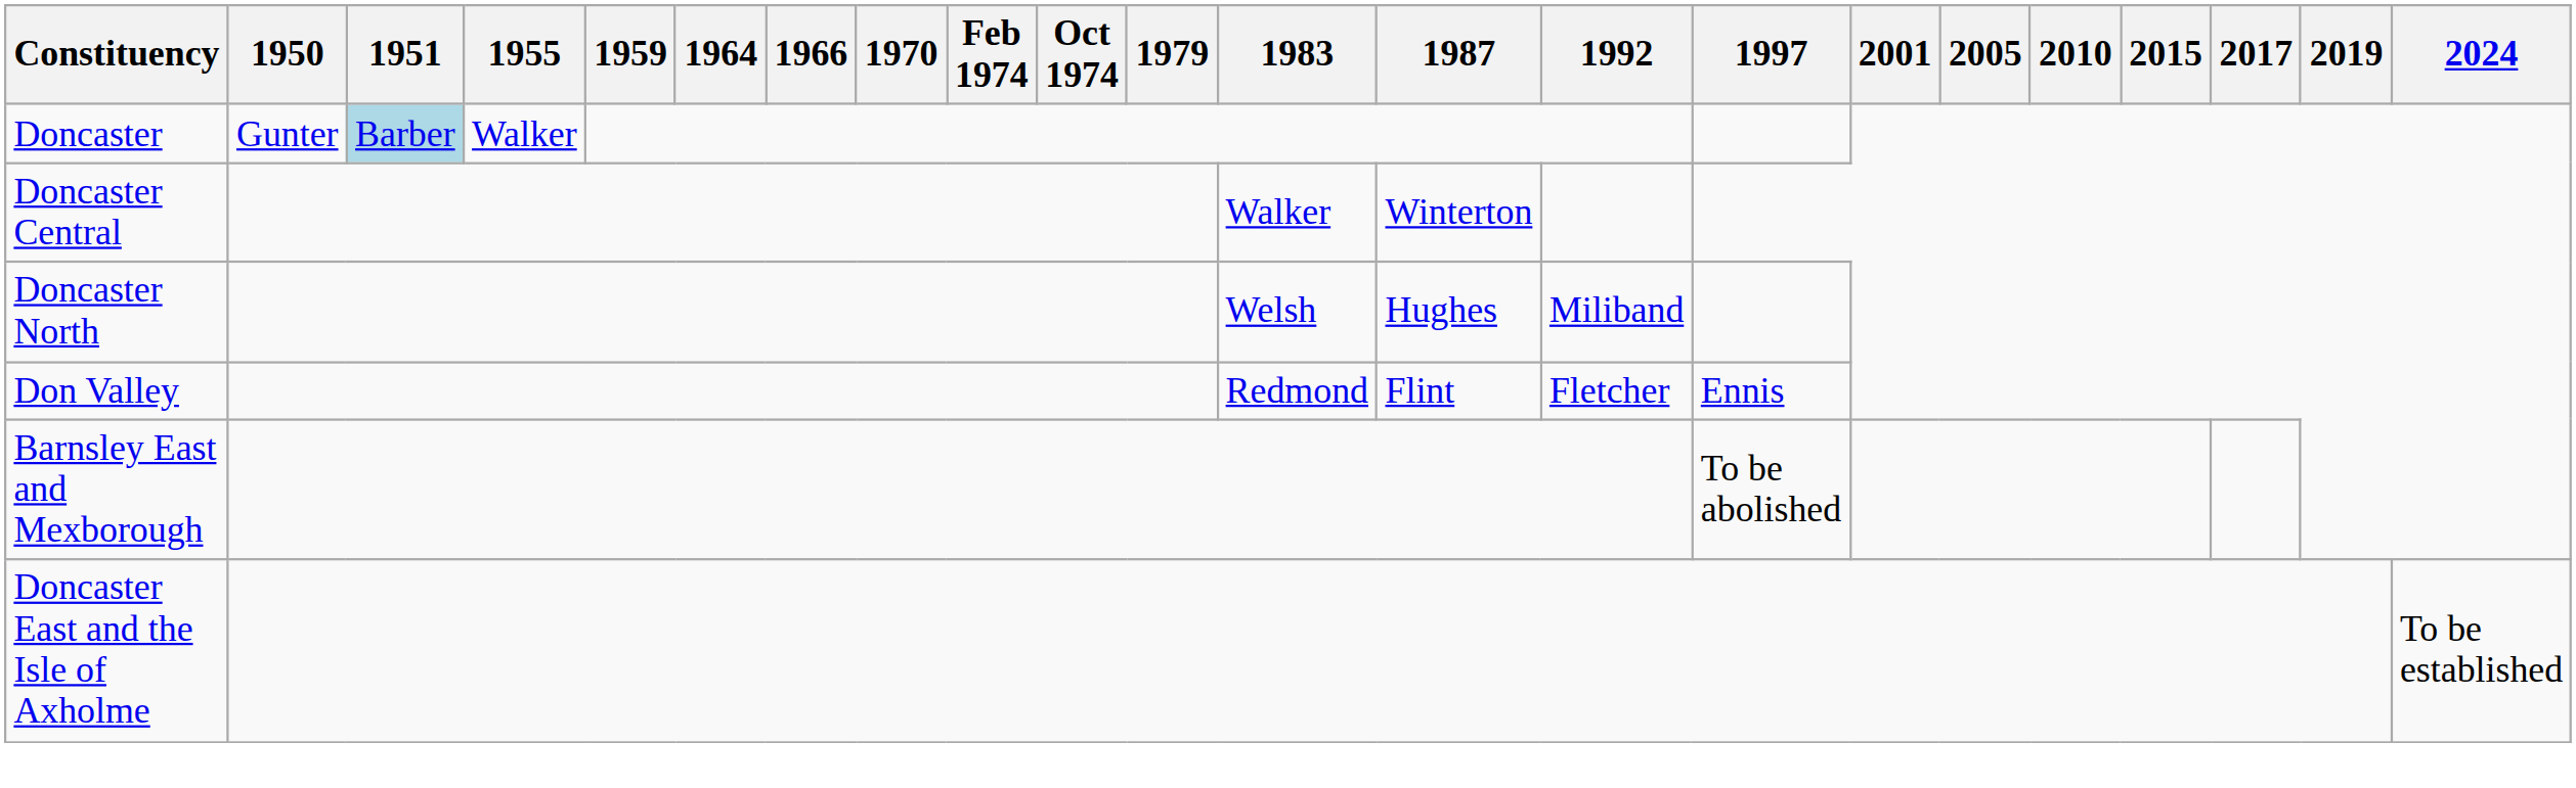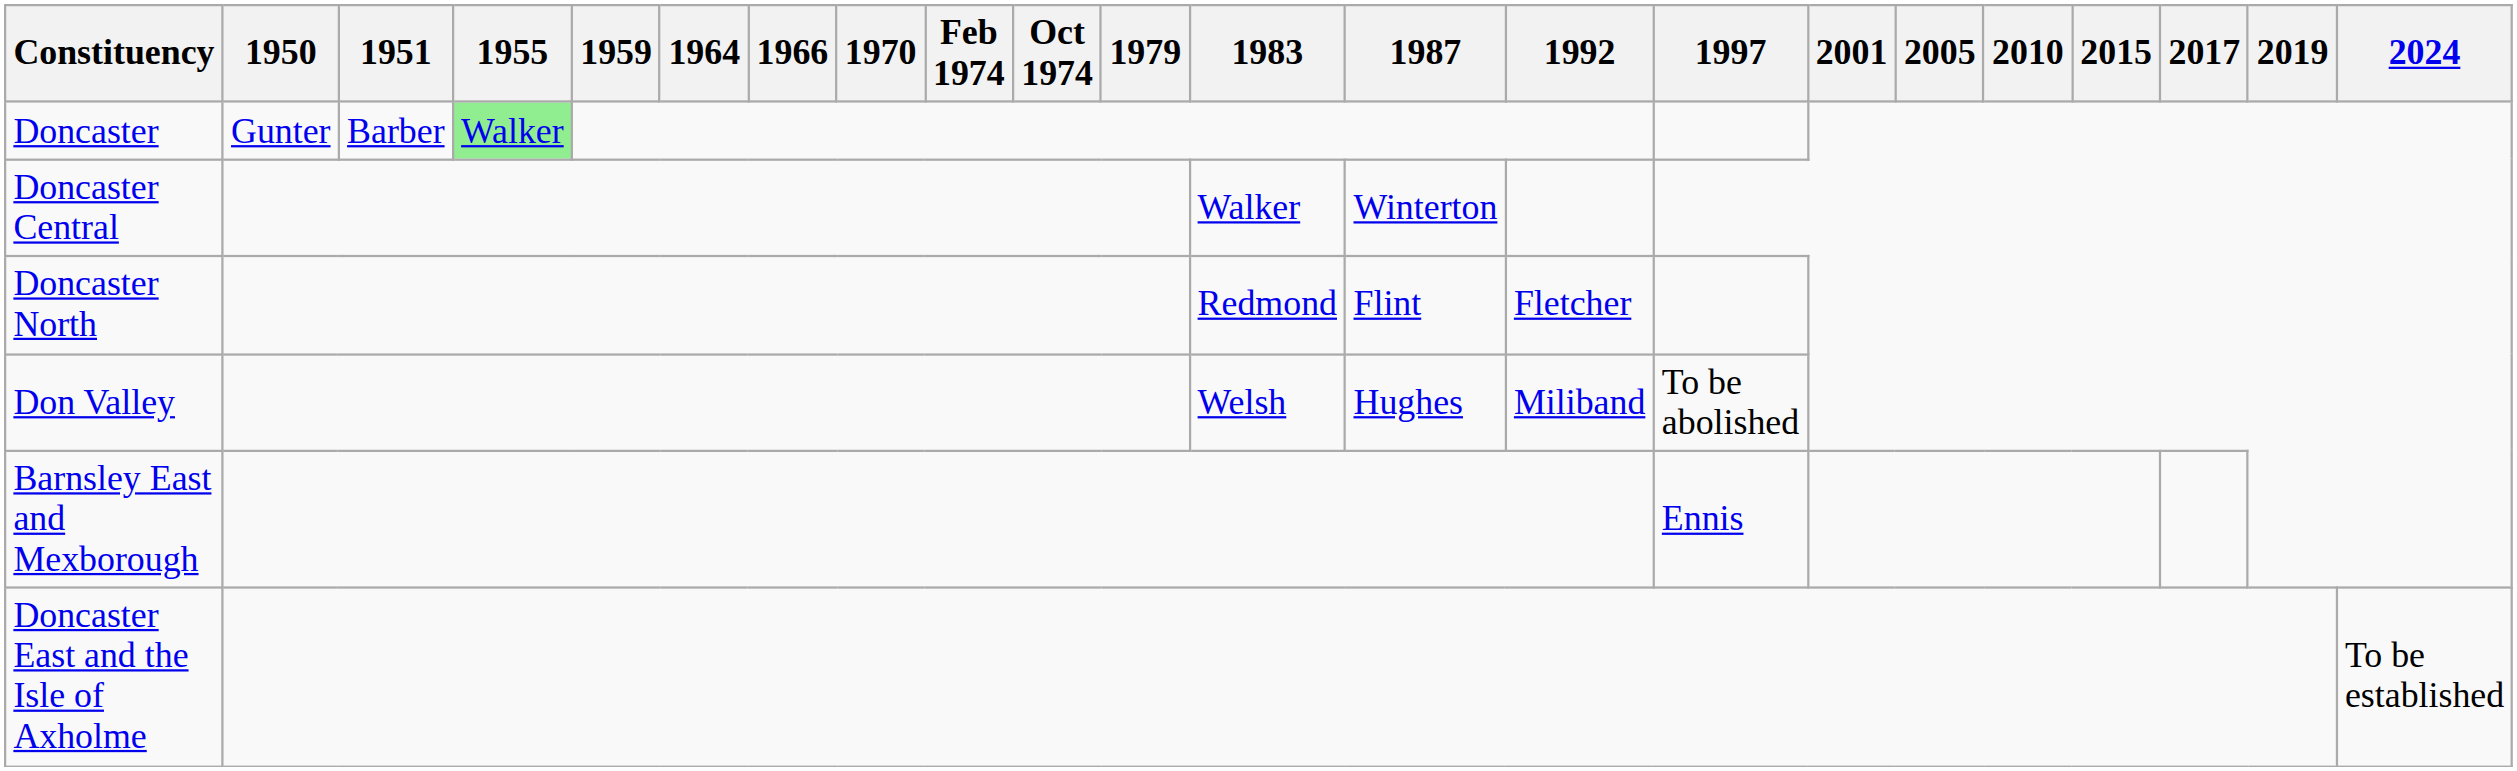 <table class="wikitable">
 <tr>
 <th>Constituency</th>
 <th>1950</th>
 <th>1951</th>
 <th>1955</th>
 <th>1959</th>
 <th>1964</th>
 <th>1966</th>
 <th>1970</th>
 <th>Feb 1974</th>
 <th>Oct 1974</th>
 <th>1979</th>
 <th>1983</th>
 <th>1987</th>
 <th>1992</th>
 <th>1997</th>
 <th>2001</th>
 <th>2005</th>
 <th>2010</th>
 <th>2015</th>
 <th>2017</th>
 <th>2019</th>
 <th><a href='#'>2024</a></th>
 </tr>
 <tr>
 <td><a href='#'>Doncaster</a></td>
 <td><a href='#'>Gunter</a></td>
-<td style="background: lightblue;"><a href='#'>Barber</a></td>
-<td><a href='#'>Walker</a></td>
+<td><a href='#'>Barber</a></td>
+<td style="background: lightgreen;"><a href='#'>Walker</a></td>
 <td colspan="10"></td>
 <td></td>
 </tr>
 <tr>
 <td><a href='#'>Doncaster Central</a></td>
 <td colspan="10"></td>
 <td><a href='#'>Walker</a></td>
 <td><a href='#'>Winterton</a></td>
 <td></td>
 </tr>
 <tr>
 <td><a href='#'>Doncaster North</a></td>
 <td colspan="10"></td>
-<td><a href='#'>Welsh</a></td>
-<td><a href='#'>Hughes</a></td>
-<td><a href='#'>Miliband</a></td>
+<td><a href='#'>Redmond</a></td>
+<td><a href='#'>Flint</a></td>
+<td><a href='#'>Fletcher</a></td>
 <td></td>
 </tr>
 <tr>
 <td><a href='#'>Don Valley</a></td>
 <td colspan="10"></td>
-<td><a href='#'>Redmond</a></td>
-<td><a href='#'>Flint</a></td>
-<td><a href='#'>Fletcher</a></td>
-<td><a href='#'>Ennis</a></td>
+<td><a href='#'>Welsh</a></td>
+<td><a href='#'>Hughes</a></td>
+<td><a href='#'>Miliband</a></td>
+<td>To be abolished</td>
 </tr>
 <tr>
 <td><a href='#'>Barnsley East and Mexborough</a></td>
 <td colspan="13"></td>
-<td>To be abolished</td>
+<td><a href='#'>Ennis</a></td>
 <td colspan="4"></td>
 <td></td>
 </tr>
 <tr>
 <td><a href='#'>Doncaster East and the Isle of Axholme</a></td>
 <td colspan="20"></td>
 <td>To be established</td>
 </tr>
 </table>
